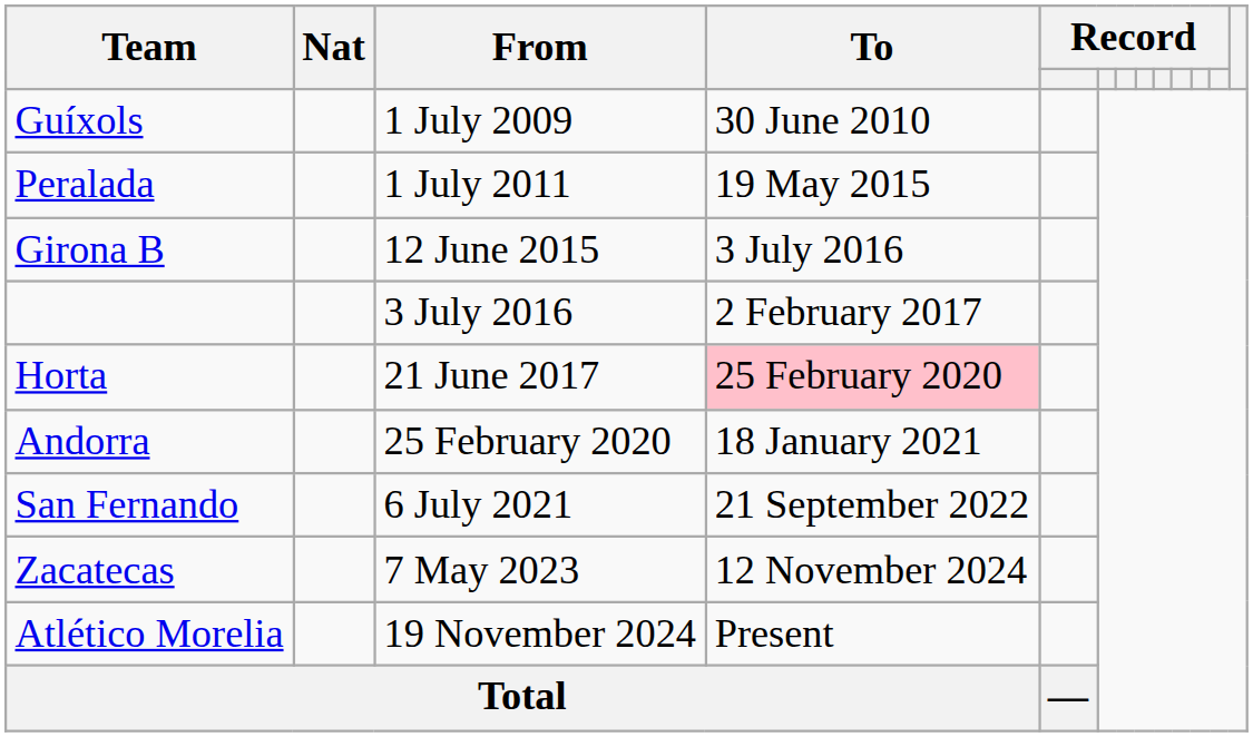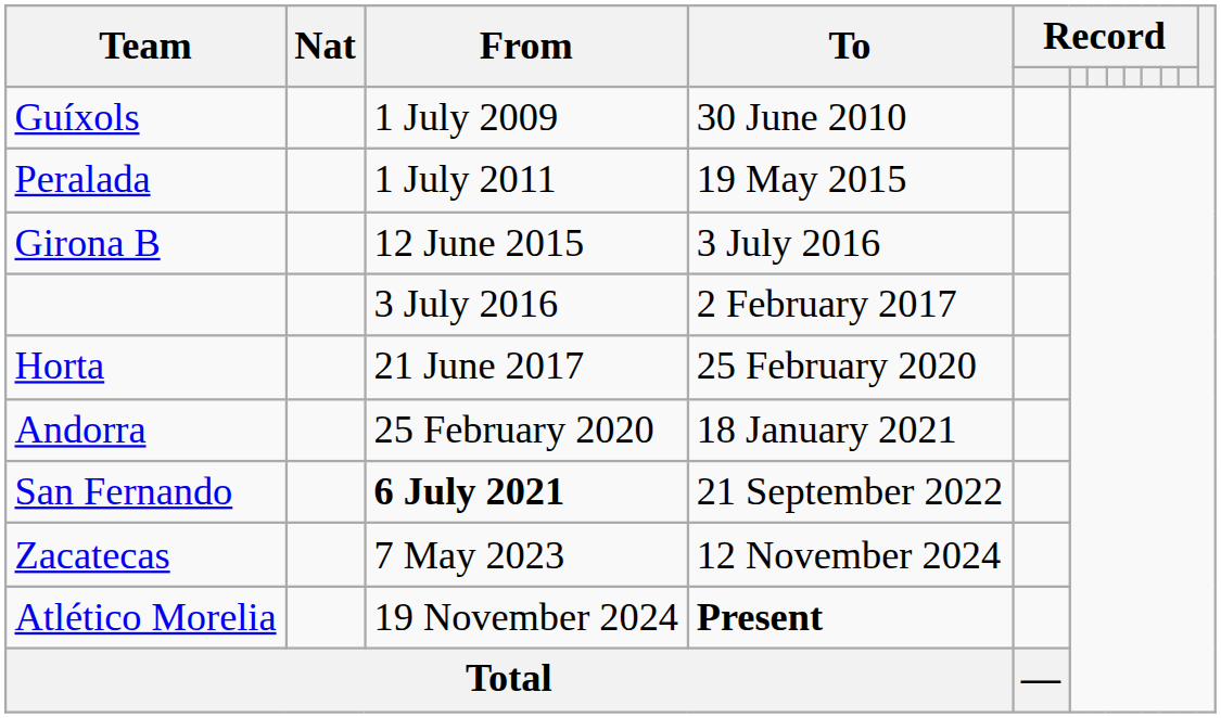 <table class="wikitable" style="text-align: center">
 <tr>
 <th rowspan="2">Team</th>
 <th rowspan="2">Nat</th>
 <th rowspan="2">From</th>
 <th rowspan="2">To</th>
 <th colspan="8">Record</th>
 <th rowspan=2></th>
 </tr>
 <tr>
 <th></th>
 <th></th>
 <th></th>
 <th></th>
 <th></th>
 <th></th>
 <th></th>
 <th></th>
 </tr>
 <tr>
 <td align="left"><a href='#'>Guíxols</a></td>
 <td></td>
 <td align=left>1 July 2009</td>
 <td align=left>30 June 2010<br></td>
 <td></td>
 </tr>
 <tr>
 <td align="left"><a href='#'>Peralada</a></td>
 <td></td>
 <td align=left>1 July 2011</td>
 <td align=left>19 May 2015<br></td>
 <td></td>
 </tr>
 <tr>
 <td align="left"><a href='#'>Girona B</a></td>
 <td></td>
 <td align=left>12 June 2015</td>
 <td align=left>3 July 2016<br></td>
 <td></td>
 </tr>
 <tr>
 <td align="left"></td>
 <td></td>
 <td align=left>3 July 2016</td>
 <td align=left>2 February 2017<br></td>
 <td></td>
 </tr>
 <tr>
 <td align="left"><a href='#'>Horta</a></td>
 <td></td>
 <td align=left>21 June 2017</td>
-<td align=left style="background: pink;">25 February 2020<br></td>
+<td align=left>25 February 2020<br></td>
 <td></td>
 </tr>
 <tr>
 <td align="left"><a href='#'>Andorra</a></td>
 <td></td>
 <td align=left>25 February 2020</td>
 <td align=left>18 January 2021<br></td>
 <td></td>
 </tr>
 <tr>
 <td align="left"><a href='#'>San Fernando</a></td>
 <td></td>
-<td align=left>6 July 2021</td>
+<td align=left><strong>6 July 2021</strong></td>
 <td align=left>21 September 2022<br></td>
 <td></td>
 </tr>
 <tr>
 <td align="left"><a href='#'>Zacatecas</a></td>
 <td></td>
 <td align=left>7 May 2023</td>
 <td align=left>12 November 2024<br></td>
 <td></td>
 </tr>
 <tr>
 <td align="left"><a href='#'>Atlético Morelia</a></td>
 <td></td>
 <td align=left>19 November 2024</td>
-<td align=left>Present<br></td>
+<td align=left><strong>Present<br></strong></td>
 <td></td>
 </tr>
 <tr>
 <th colspan="4">Total<br></th>
 <th>—</th>
 </tr>
 </table>
